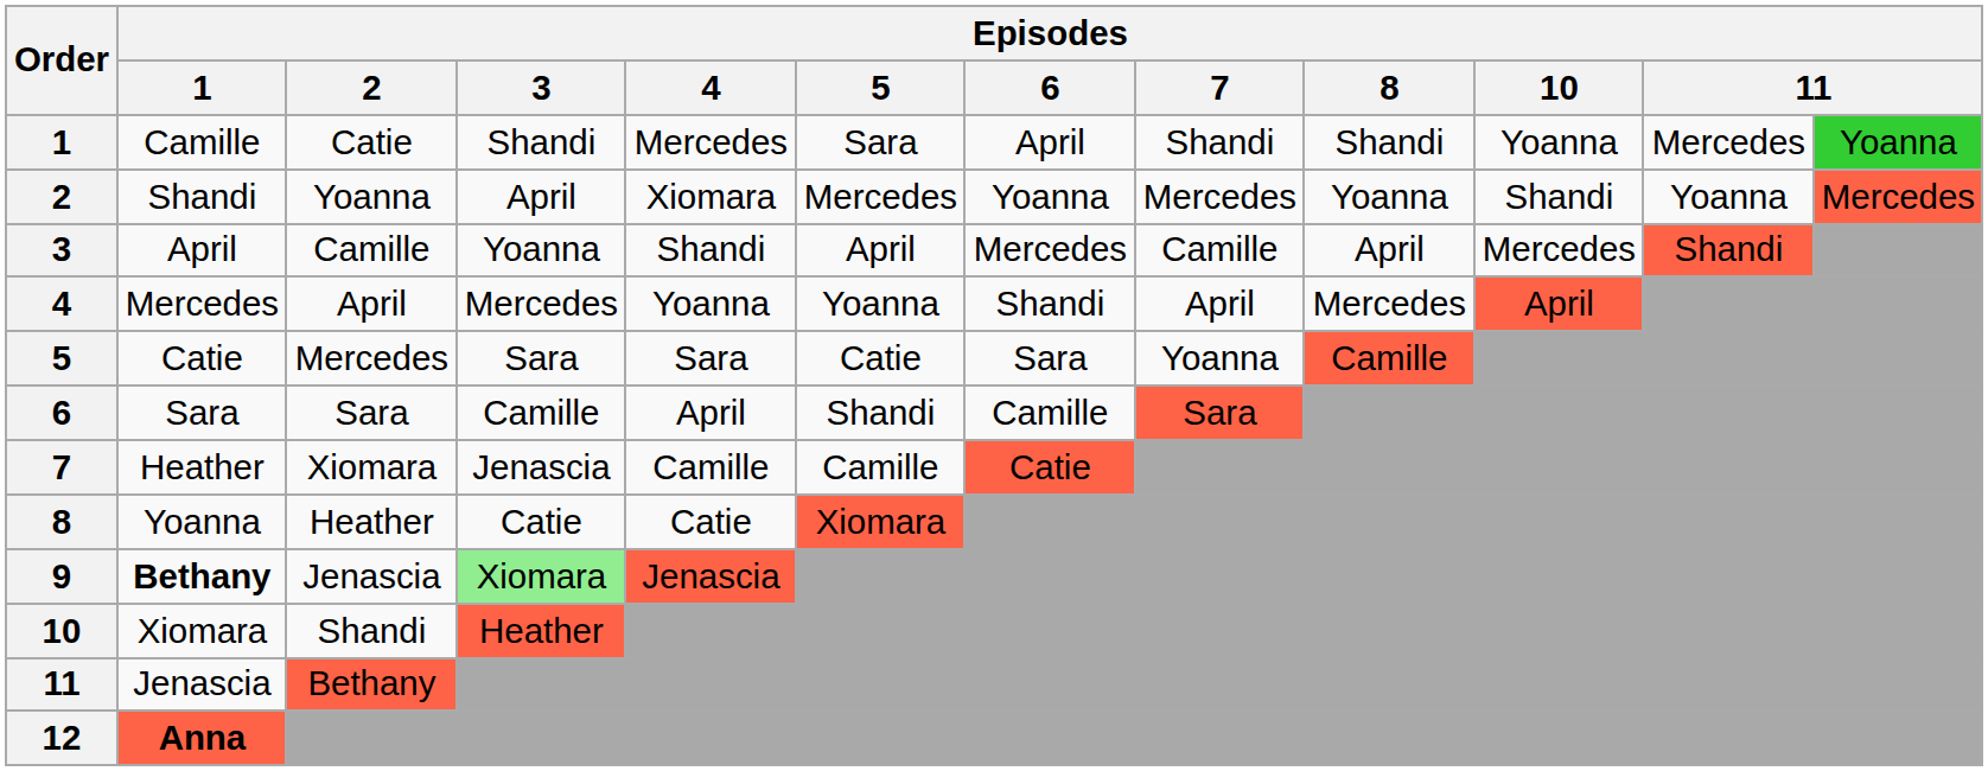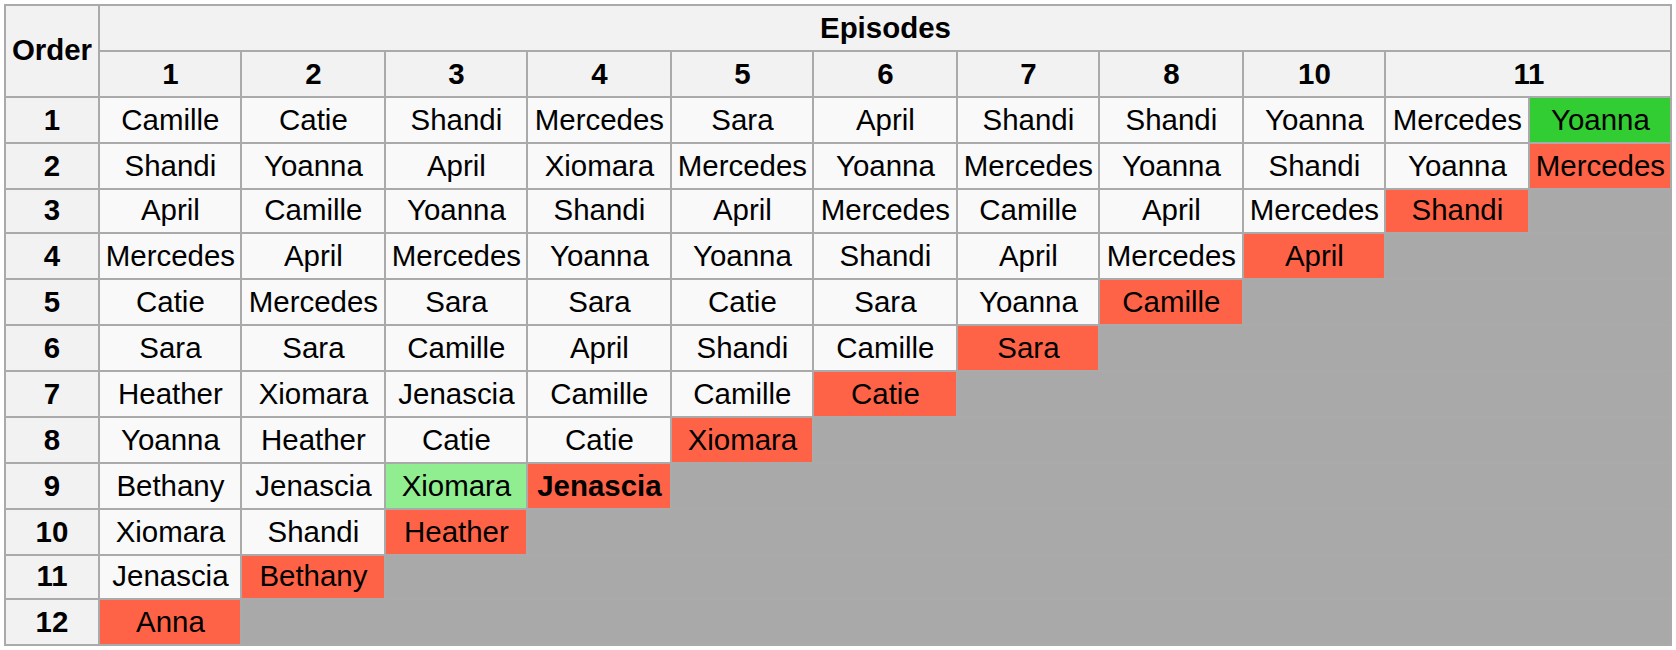 <table class="wikitable" style="text-align:center; font-size:92%">
 <tr>
 <th rowspan=2>Order</th>
 <th colspan=11>Episodes</th>
 </tr>
 <tr>
 <th>1</th>
 <th>2</th>
 <th>3</th>
 <th>4</th>
 <th>5</th>
 <th>6</th>
 <th>7</th>
 <th>8</th>
 <th>10</th>
 <th colspan="2">11</th>
 </tr>
 <tr>
 <th>1</th>
 <td>Camille</td>
 <td>Catie</td>
 <td>Shandi</td>
 <td>Mercedes</td>
 <td>Sara</td>
 <td>April</td>
 <td>Shandi</td>
 <td>Shandi</td>
 <td>Yoanna</td>
 <td>Mercedes</td>
 <td style="background:limegreen;">Yoanna</td>
 </tr>
 <tr>
 <th>2</th>
 <td>Shandi</td>
 <td>Yoanna</td>
 <td>April</td>
 <td>Xiomara</td>
 <td>Mercedes</td>
 <td>Yoanna</td>
 <td>Mercedes</td>
 <td>Yoanna</td>
 <td>Shandi</td>
 <td>Yoanna</td>
 <td style="background:tomato;">Mercedes</td>
 </tr>
 <tr>
 <th>3</th>
 <td>April</td>
 <td>Camille</td>
 <td>Yoanna</td>
 <td>Shandi</td>
 <td>April</td>
 <td>Mercedes</td>
 <td>Camille</td>
 <td>April</td>
 <td>Mercedes</td>
 <td style="background:tomato;">Shandi</td>
 <td style="background:darkgrey;"></td>
 </tr>
 <tr>
 <th>4</th>
 <td>Mercedes</td>
 <td>April</td>
 <td>Mercedes</td>
 <td>Yoanna</td>
 <td>Yoanna</td>
 <td>Shandi</td>
 <td>April</td>
 <td>Mercedes</td>
 <td style="background:tomato;">April</td>
 <td colspan="2" style="background:darkgrey;"></td>
 </tr>
 <tr>
 <th>5</th>
 <td>Catie</td>
 <td>Mercedes</td>
 <td>Sara</td>
 <td>Sara</td>
 <td>Catie</td>
 <td>Sara</td>
 <td>Yoanna</td>
 <td style="background:tomato;">Camille</td>
 <td colspan="4" style="background:darkgrey;"></td>
 </tr>
 <tr>
 <th>6</th>
 <td>Sara</td>
 <td>Sara</td>
 <td>Camille</td>
 <td>April</td>
 <td>Shandi</td>
 <td>Camille</td>
 <td style="background:tomato;">Sara</td>
 <td colspan="5" style="background:darkgrey;"></td>
 </tr>
 <tr>
 <th>7</th>
 <td>Heather</td>
 <td>Xiomara</td>
 <td>Jenascia</td>
 <td>Camille</td>
 <td>Camille</td>
 <td style="background:tomato;">Catie</td>
 <td colspan="6" style="background:darkgrey;"></td>
 </tr>
 <tr>
 <th>8</th>
 <td>Yoanna</td>
 <td>Heather</td>
 <td>Catie</td>
 <td>Catie</td>
 <td style="background:tomato;">Xiomara</td>
 <td style="background:darkgrey;" colspan="7"></td>
 </tr>
 <tr>
 <th>9</th>
-<td><strong>Bethany</strong></td>
+<td>Bethany</td>
 <td>Jenascia</td>
 <td style="background: lightgreen;">Xiomara</td>
-<td style="background:tomato;">Jenascia</td>
+<td style="background:tomato;"><strong>Jenascia</strong></td>
 <td colspan="8" style="background:darkgrey;"></td>
 </tr>
 <tr>
 <th>10</th>
 <td>Xiomara</td>
 <td>Shandi</td>
 <td style="background:tomato;">Heather</td>
 <td style="background:darkgrey;" colspan="9"></td>
 </tr>
 <tr>
 <th>11</th>
 <td>Jenascia</td>
 <td style="background:tomato;">Bethany</td>
 <td style="background:darkgrey;" colspan="10"></td>
 </tr>
 <tr>
 <th>12</th>
-<td style="background:tomato;"><strong>Anna</strong></td>
+<td style="background:tomato;">Anna</td>
 <td style="background:darkgrey;" colspan="11"></td>
 </tr>
 </table>
